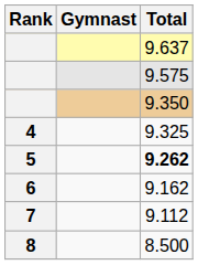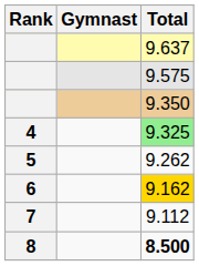 <table class="wikitable sortable" style="text-align:center; font-size:95%">
 <tr>
 <th scope=col>Rank</th>
 <th scope=col>Gymnast</th>
 <th scope=col>Total</th>
 </tr>
 <tr bgcolor=fffcaf>
 <th scope=row style="text-align:center"></th>
 <td align=left></td>
 <td>9.637</td>
 </tr>
 <tr bgcolor=e5e5e5>
 <th scope=row style="text-align:center"></th>
 <td align=left></td>
 <td>9.575</td>
 </tr>
 <tr bgcolor=eecc99>
 <th scope=row style="text-align:center"></th>
 <td align=left></td>
 <td>9.350</td>
 </tr>
 <tr>
 <th scope=row style="text-align:center">4</th>
 <td align=left></td>
-<td>9.325</td>
+<td style="background: lightgreen;">9.325</td>
 </tr>
 <tr>
 <th scope=row style="text-align:center">5</th>
 <td align=left></td>
-<td><strong>9.262</strong></td>
+<td>9.262</td>
 </tr>
 <tr>
 <th scope=row style="text-align:center">6</th>
 <td align=left></td>
-<td>9.162</td>
+<td style="background: gold;">9.162</td>
 </tr>
 <tr>
 <th scope=row style="text-align:center">7</th>
 <td align=left></td>
 <td>9.112</td>
 </tr>
 <tr>
 <th scope=row style="text-align:center">8</th>
 <td align=left></td>
-<td>8.500</td>
+<td><strong>8.500</strong></td>
 </tr>
 <tr>
 </tr>
 </table>
